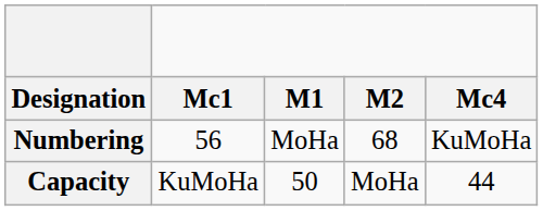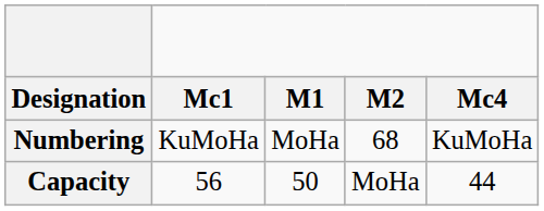 <table class="wikitable" style="text-align:center">
 <tr style="border-bottom: 4px solid #">
 <th></th>
 <td colspan="4"> <br><br></td>
 </tr>
 <tr>
 <th>Designation</th>
 <th>Mc1</th>
 <th>M1</th>
 <th>M2</th>
 <th>Mc4</th>
 </tr>
 <tr>
 <th>Numbering</th>
-<td>56</td>
+<td>KuMoHa </td>
 <td>MoHa </td>
 <td>68</td>
 <td>KuMoHa </td>
 </tr>
 <tr>
 <th>Capacity</th>
-<td>KuMoHa </td>
+<td>56</td>
 <td>50</td>
 <td>MoHa </td>
 <td>44</td>
 </tr>
 </table>
